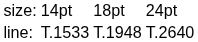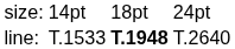 <table style="margin-left:40px;">
 <tr>
 <td>size:</td>
 <td>14pt</td>
 <td>18pt</td>
 <td>24pt</td>
 </tr>
 <tr>
 <td>line:</td>
 <td>T.1533</td>
-<td>T.1948</td>
+<td><strong>T.1948</strong></td>
 <td>T.2640</td>
 </tr>
 </table>
